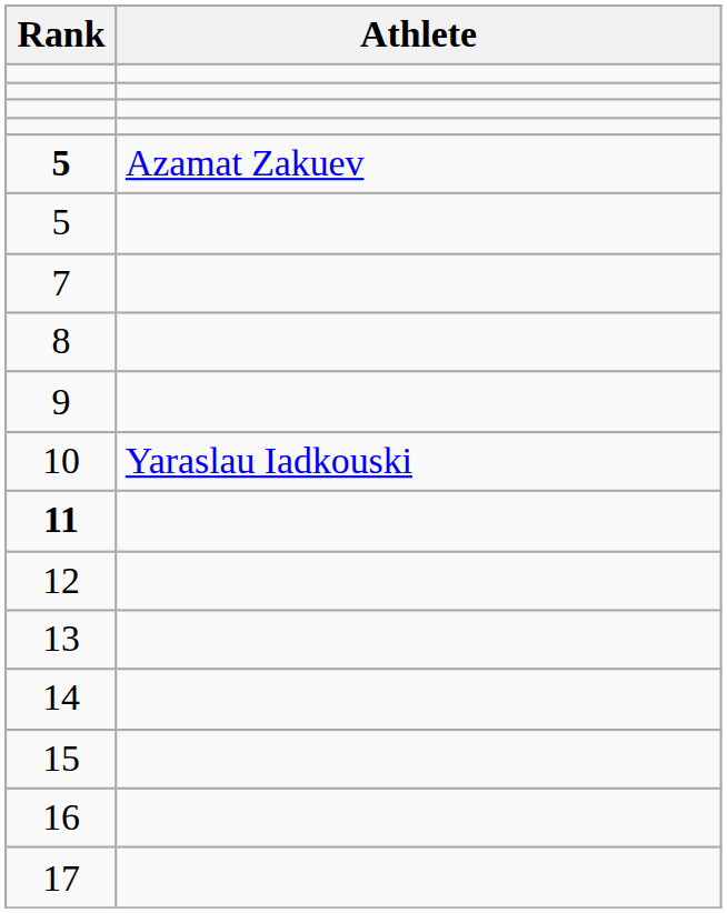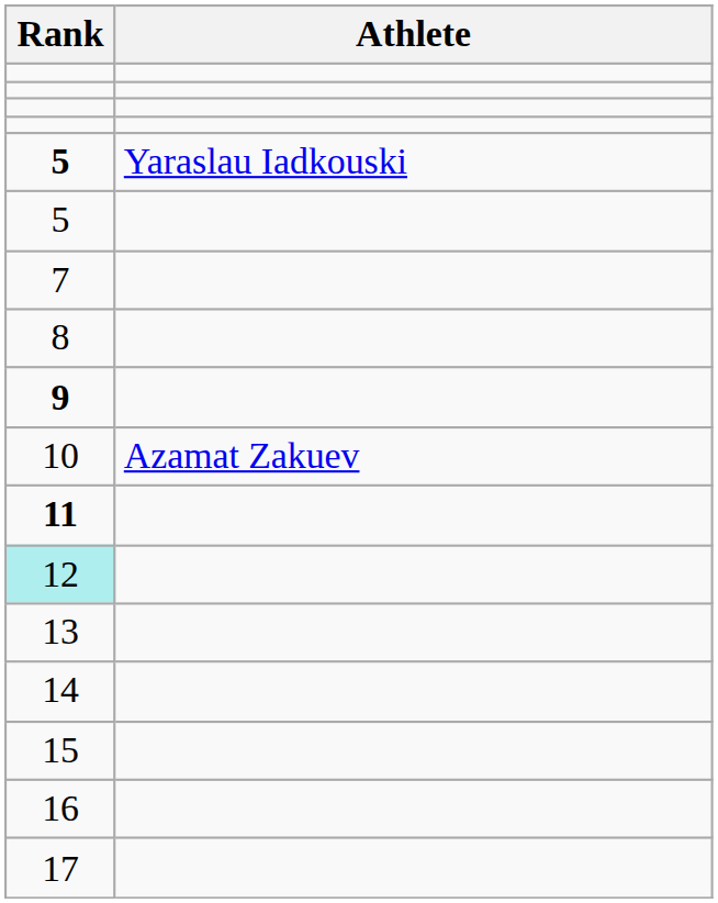 <table class="wikitable" style="text-align: center;">
 <tr>
 <th width=40>Rank</th>
 <th width=250>Athlete</th>
 </tr>
 <tr>
 <td></td>
 <td align="left"></td>
 </tr>
 <tr>
 <td></td>
 <td align="left"></td>
 </tr>
 <tr>
 <td></td>
 <td align="left"></td>
 </tr>
 <tr>
 <td></td>
 <td align="left"></td>
 </tr>
 <tr>
 <td><strong>5</strong></td>
-<td align="left"> <a href='#'>Azamat Zakuev</a> </td>
+<td align="left"> <a href='#'>Yaraslau Iadkouski</a> </td>
 </tr>
 <tr>
 <td>5</td>
 <td align="left"></td>
 </tr>
 <tr>
 <td>7</td>
 <td align="left"></td>
 </tr>
 <tr>
 <td>8</td>
 <td align="left"></td>
 </tr>
 <tr>
-<td>9</td>
+<td><strong>9</strong></td>
 <td align="left"></td>
 </tr>
 <tr>
 <td>10</td>
-<td align="left"> <a href='#'>Yaraslau Iadkouski</a> </td>
+<td align="left"> <a href='#'>Azamat Zakuev</a> </td>
 </tr>
 <tr>
 <td><strong>11</strong></td>
 <td align="left"></td>
 </tr>
 <tr>
-<td>12</td>
+<td style="background: paleturquoise;">12</td>
 <td align="left"></td>
 </tr>
 <tr>
 <td>13</td>
 <td align="left"></td>
 </tr>
 <tr>
 <td>14</td>
 <td align="left"></td>
 </tr>
 <tr>
 <td>15</td>
 <td align="left"></td>
 </tr>
 <tr>
 <td>16</td>
 <td align="left"></td>
 </tr>
 <tr>
 <td>17</td>
 <td align="left"></td>
 </tr>
 </table>
